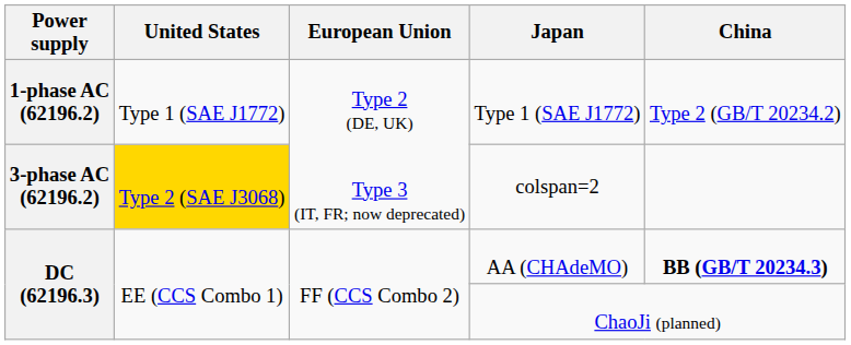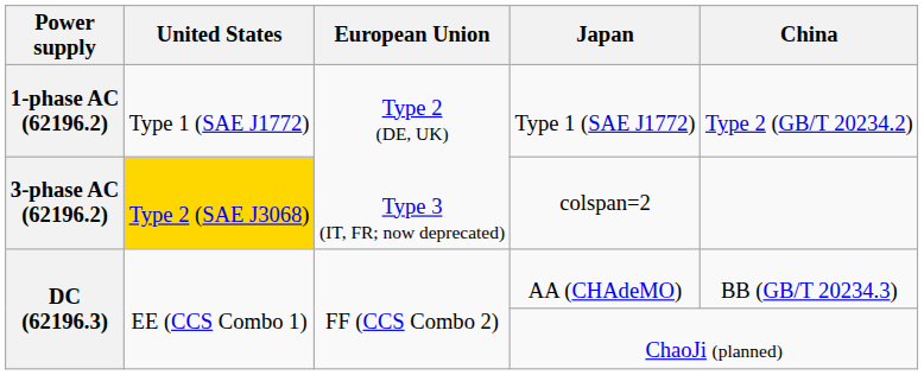 <table class=wikitable style="text-align:center;font-size:100%;">
 <tr>
 <th>Power <br>supply</th>
 <th>United States</th>
 <th>European Union</th>
 <th>Japan</th>
 <th>China</th>
 </tr>
 <tr>
 <th>1-phase AC<br>(62196.2)</th>
 <td><br>Type 1 (<a href='#'>SAE J1772</a>)</td>
 <td rowspan=2><br><a href='#'>Type 2</a><br><small>(DE, UK)</small><br> <br><br><a href='#'>Type 3</a><br><small>(IT, FR; now deprecated)</small></td>
 <td><br>Type 1 (<a href='#'>SAE J1772</a>)</td>
 <td><br><a href='#'>Type 2</a> (<a href='#'>GB/T 20234.2</a>)</td>
 </tr>
 <tr>
 <th>3-phase AC<br>(62196.2)</th>
 <td style="background: gold;"><br><a href='#'>Type 2</a> (<a href='#'>SAE J3068</a>)</td>
 <td>colspan=2 </td>
 </tr>
 <tr>
 <th rowspan=2>DC<br>(62196.3)</th>
 <td rowspan=2><br>EE (<a href='#'>CCS</a> Combo 1)</td>
 <td rowspan=2><br>FF (<a href='#'>CCS</a> Combo 2)</td>
 <td><br>AA (<a href='#'>CHAdeMO</a>)</td>
-<td><strong><br>BB (<a href='#'>GB/T 20234.3</a>)</strong></td>
+<td><br>BB (<a href='#'>GB/T 20234.3</a>)</td>
 </tr>
 <tr>
 <td colspan=2><br><a href='#'>ChaoJi</a> <small>(planned)</small></td>
 </tr>
 </table>
